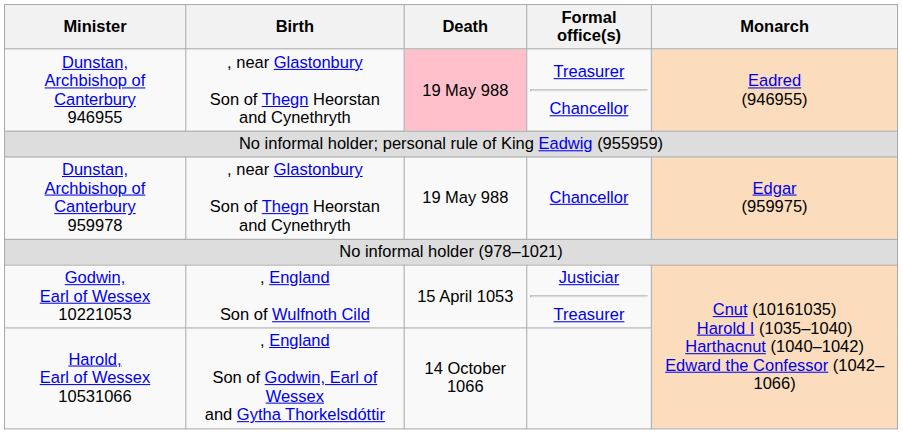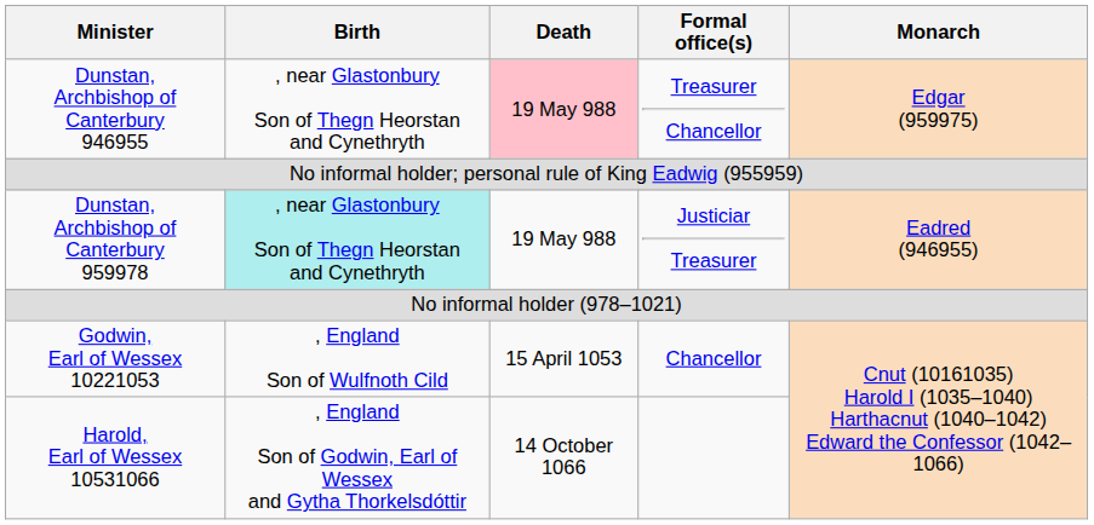 <table class="wikitable" style="text-align:center">
 <tr>
 <th colspan=1>Minister</th>
 <th>Birth</th>
 <th>Death</th>
 <th>Formal office(s)</th>
 <th>Monarch</th>
 </tr>
 <tr>
 <td><a href='#'>Dunstan,<br>Archbishop of Canterbury</a><br>946955</td>
 <td>, near <a href='#'>Glastonbury</a><br><br>Son of <a href='#'>Thegn</a> Heorstan<br>and Cynethryth</td>
 <td style="background: pink;">19 May 988</td>
 <td><a href='#'>Treasurer</a><hr><a href='#'>Chancellor</a></td>
-<td rowspan=1 bgcolor=#FBDDBD><a href='#'>Eadred</a><br>(946955)</td>
+<td rowspan=1 bgcolor=#FBDDBD><a href='#'>Edgar</a><br>(959975)</td>
 </tr>
 <tr>
 <td colspan=6 bgcolor=#DDDDDD>No informal holder; personal rule of King <a href='#'>Eadwig</a> (955959)</td>
 </tr>
 <tr>
 <td><a href='#'>Dunstan,<br>Archbishop of Canterbury</a><br>959978</td>
-<td>, near <a href='#'>Glastonbury</a><br><br>Son of <a href='#'>Thegn</a> Heorstan<br>and Cynethryth</td>
+<td style="background: paleturquoise;">, near <a href='#'>Glastonbury</a><br><br>Son of <a href='#'>Thegn</a> Heorstan<br>and Cynethryth</td>
 <td>19 May 988</td>
-<td><a href='#'>Chancellor</a></td>
-<td rowspan=1 bgcolor=#FBDDBD><a href='#'>Edgar</a><br>(959975)</td>
+<td><a href='#'>Justiciar</a><hr><a href='#'>Treasurer</a></td>
+<td rowspan=1 bgcolor=#FBDDBD><a href='#'>Eadred</a><br>(946955)</td>
 </tr>
 <tr>
 <td colspan=6 bgcolor=#DDDDDD>No informal holder (978–1021)</td>
 </tr>
 <tr>
 <td><a href='#'>Godwin,<br>Earl of Wessex</a><br>10221053</td>
 <td>, <a href='#'>England</a><br><br>Son of <a href='#'>Wulfnoth Cild</a></td>
 <td>15 April 1053</td>
-<td><a href='#'>Justiciar</a><hr><a href='#'>Treasurer</a></td>
+<td><a href='#'>Chancellor</a></td>
 <td rowspan=2 bgcolor=#FBDDBD><a href='#'>Cnut</a> (10161035)<br><a href='#'>Harold I</a> (1035–1040)<br><a href='#'>Harthacnut</a> (1040–1042)<br><a href='#'>Edward the Confessor</a> (1042–1066)</td>
 </tr>
 <tr>
 <td><a href='#'>Harold,<br>Earl of Wessex</a><br>10531066</td>
 <td>, <a href='#'>England</a><br><br>Son of <a href='#'>Godwin, Earl of Wessex</a><br>and <a href='#'>Gytha Thorkelsdóttir</a></td>
 <td>14 October 1066</td>
 <td></td>
 </tr>
 </table>
